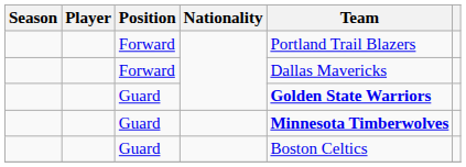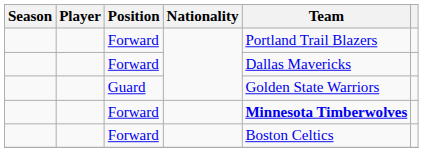 <table class="wikitable sortable">
 <tr>
 <th>Season</th>
 <th>Player</th>
 <th>Position</th>
 <th>Nationality</th>
 <th>Team</th>
 <th class="unsortable"></th>
 </tr>
 <tr>
 <td></td>
 <td></td>
 <td><a href='#'>Forward</a></td>
 <td rowspan="3"></td>
 <td><a href='#'>Portland Trail Blazers</a></td>
 <td></td>
 </tr>
 <tr>
 <td></td>
 <td></td>
 <td><a href='#'>Forward</a></td>
 <td><a href='#'>Dallas Mavericks</a></td>
 <td></td>
 </tr>
 <tr>
 <td></td>
 <td></td>
 <td><a href='#'>Guard</a></td>
-<td><strong><a href='#'>Golden State Warriors</a></strong></td>
+<td><a href='#'>Golden State Warriors</a></td>
 <td></td>
 </tr>
 <tr>
 <td></td>
 <td></td>
-<td><a href='#'>Guard</a></td>
+<td><a href='#'>Forward</a></td>
 <td rowspan="1"></td>
 <td><strong><a href='#'>Minnesota Timberwolves</a></strong></td>
 <td></td>
 </tr>
 <tr>
 <td></td>
 <td></td>
-<td><a href='#'>Guard</a></td>
+<td><a href='#'>Forward</a></td>
 <td rowspan="1"></td>
 <td><a href='#'>Boston Celtics</a></td>
 <td></td>
 </tr>
 <tr>
 </tr>
 </table>
